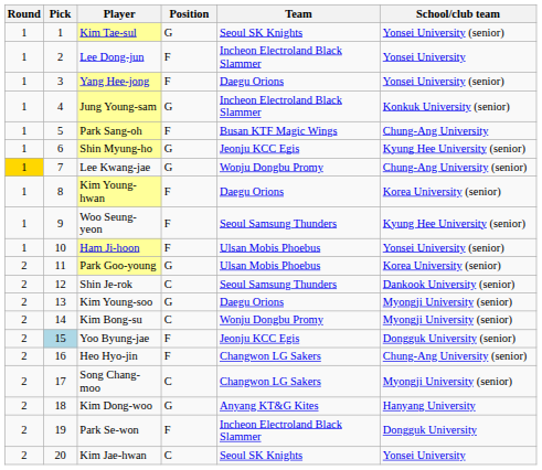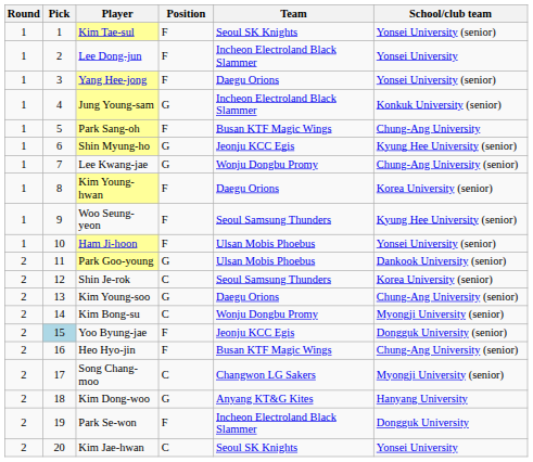 <table class="wikitable sortable sortable">
 <tr>
 <th scope="col" width=40>Round</th>
 <th scope="col" width=40>Pick</th>
 <th scope="col" width=110>Player</th>
 <th scope="col" width=70>Position</th>
 <th scope="col" width=220>Team</th>
 <th scope="col" width=210>School/club team</th>
 </tr>
 <tr>
 <td align=center>1</td>
 <td align=center>1</td>
 <td style="background-color:#FFFF99;"><a href='#'>Kim Tae-sul</a></td>
-<td>G</td>
+<td>F</td>
 <td><a href='#'>Seoul SK Knights</a></td>
 <td><a href='#'>Yonsei University</a> (senior)</td>
 </tr>
 <tr>
 <td align=center>1</td>
 <td align=center>2</td>
 <td><a href='#'>Lee Dong-jun</a></td>
 <td>F</td>
 <td><a href='#'>Incheon Electroland Black Slammer</a></td>
 <td><a href='#'>Yonsei University</a></td>
 </tr>
 <tr>
 <td align=center>1</td>
 <td align=center>3</td>
 <td style="background-color:#FFFF99;"><a href='#'>Yang Hee-jong</a></td>
 <td>F</td>
 <td><a href='#'>Daegu Orions</a></td>
 <td><a href='#'>Yonsei University</a> (senior)</td>
 </tr>
 <tr>
 <td align=center>1</td>
 <td align=center>4</td>
 <td style="background-color:#FFFF99;">Jung Young-sam</td>
 <td>G</td>
 <td><a href='#'>Incheon Electroland Black Slammer</a></td>
 <td><a href='#'>Konkuk University</a> (senior)</td>
 </tr>
 <tr>
 <td align=center>1</td>
 <td align=center>5</td>
 <td style="background-color:#FFFF99;">Park Sang-oh</td>
 <td>F</td>
 <td><a href='#'>Busan KTF Magic Wings</a></td>
 <td><a href='#'>Chung-Ang University</a></td>
 </tr>
 <tr>
 <td align=center>1</td>
 <td align=center>6</td>
 <td style="background-color:#FFFF99;">Shin Myung-ho</td>
 <td>G</td>
 <td><a href='#'>Jeonju KCC Egis</a></td>
 <td><a href='#'>Kyung Hee University</a> (senior)</td>
 </tr>
 <tr>
-<td align=center style="background: gold;">1</td>
+<td align=center>1</td>
 <td align=center>7</td>
 <td>Lee Kwang-jae</td>
 <td>G</td>
 <td><a href='#'>Wonju Dongbu Promy</a></td>
 <td><a href='#'>Chung-Ang University</a> (senior)</td>
 </tr>
 <tr>
 <td align=center>1</td>
 <td align=center>8</td>
 <td style="background-color:#FFFF99;">Kim Young-hwan</td>
 <td>F</td>
 <td><a href='#'>Daegu Orions</a></td>
 <td><a href='#'>Korea University</a> (senior)</td>
 </tr>
 <tr>
 <td align=center>1</td>
 <td align=center>9</td>
 <td>Woo Seung-yeon</td>
 <td>F</td>
 <td><a href='#'>Seoul Samsung Thunders</a></td>
 <td><a href='#'>Kyung Hee University</a> (senior)</td>
 </tr>
 <tr>
 <td align=center>1</td>
 <td align=center>10</td>
 <td style="background-color:#FFFF99;"><a href='#'>Ham Ji-hoon</a></td>
 <td>F</td>
 <td><a href='#'>Ulsan Mobis Phoebus</a></td>
 <td><a href='#'>Yonsei University</a> (senior)</td>
 </tr>
 <tr>
 <td align=center>2</td>
 <td align=center>11</td>
 <td style="background-color:#FFFF99;">Park Goo-young</td>
 <td>G</td>
 <td><a href='#'>Ulsan Mobis Phoebus</a></td>
-<td><a href='#'>Korea University</a> (senior)</td>
+<td><a href='#'>Dankook University</a> (senior)</td>
 </tr>
 <tr>
 <td align=center>2</td>
 <td align=center>12</td>
 <td>Shin Je-rok</td>
 <td>C</td>
 <td><a href='#'>Seoul Samsung Thunders</a></td>
-<td><a href='#'>Dankook University</a> (senior)</td>
+<td><a href='#'>Korea University</a> (senior)</td>
 </tr>
 <tr>
 <td align=center>2</td>
 <td align=center>13</td>
 <td>Kim Young-soo</td>
 <td>G</td>
 <td><a href='#'>Daegu Orions</a></td>
-<td><a href='#'>Myongji University</a> (senior)</td>
+<td><a href='#'>Chung-Ang University</a> (senior)</td>
 </tr>
 <tr>
 <td align=center>2</td>
 <td align=center>14</td>
 <td>Kim Bong-su</td>
 <td>C</td>
 <td><a href='#'>Wonju Dongbu Promy</a></td>
 <td><a href='#'>Myongji University</a> (senior)</td>
 </tr>
 <tr>
 <td align=center>2</td>
 <td align=center style="background: lightblue;">15</td>
 <td>Yoo Byung-jae</td>
 <td>F</td>
 <td><a href='#'>Jeonju KCC Egis</a></td>
 <td><a href='#'>Dongguk University</a> (senior)</td>
 </tr>
 <tr>
 <td align=center>2</td>
 <td align=center>16</td>
 <td>Heo Hyo-jin</td>
 <td>F</td>
-<td><a href='#'>Changwon LG Sakers</a></td>
+<td><a href='#'>Busan KTF Magic Wings</a></td>
 <td><a href='#'>Chung-Ang University</a> (senior)</td>
 </tr>
 <tr>
 <td align=center>2</td>
 <td align=center>17</td>
 <td>Song Chang-moo</td>
 <td>C</td>
 <td><a href='#'>Changwon LG Sakers</a></td>
 <td><a href='#'>Myongji University</a> (senior)</td>
 </tr>
 <tr>
 <td align=center>2</td>
 <td align=center>18</td>
 <td>Kim Dong-woo</td>
 <td>G</td>
 <td><a href='#'>Anyang KT&G Kites</a></td>
 <td><a href='#'>Hanyang University</a></td>
 </tr>
 <tr>
 <td align=center>2</td>
 <td align=center>19</td>
 <td>Park Se-won</td>
 <td>F</td>
 <td><a href='#'>Incheon Electroland Black Slammer</a></td>
 <td><a href='#'>Dongguk University</a></td>
 </tr>
 <tr>
 <td align=center>2</td>
 <td align=center>20</td>
 <td>Kim Jae-hwan</td>
 <td>C</td>
 <td><a href='#'>Seoul SK Knights</a></td>
 <td><a href='#'>Yonsei University</a></td>
 </tr>
 </table>
